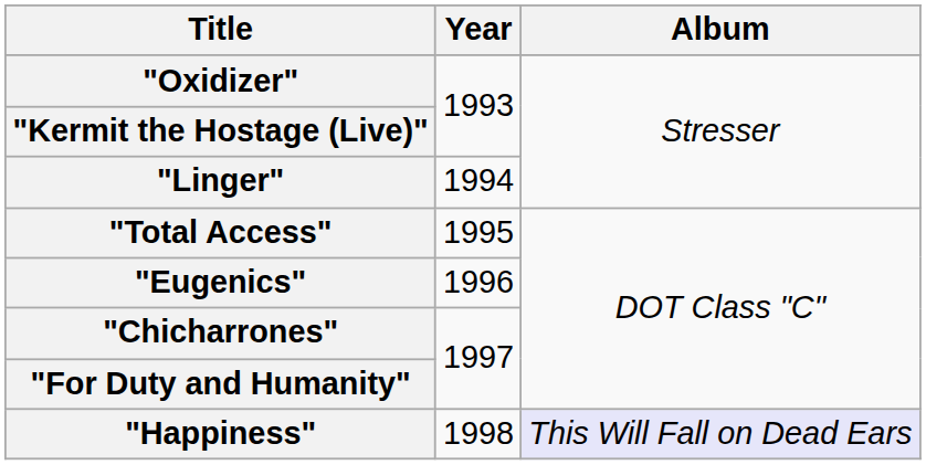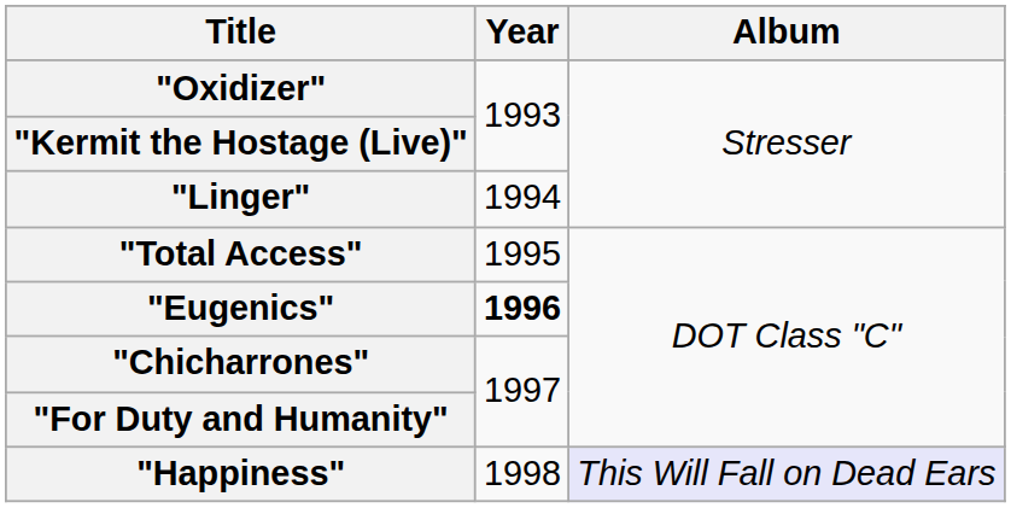 <table class="wikitable plainrowheaders" style="text-align:center;">
 <tr>
 <th scope="col">Title</th>
 <th scope="col" style="width:1em;">Year</th>
 <th scope="col">Album</th>
 </tr>
 <tr>
 <th scope="row">"Oxidizer"</th>
 <td rowspan="2">1993</td>
 <td rowspan="3"><em>Stresser</em></td>
 </tr>
 <tr>
 <th scope="row">"Kermit the Hostage (Live)"</th>
 </tr>
 <tr>
 <th scope="row">"Linger"</th>
 <td>1994</td>
 </tr>
 <tr>
 <th scope="row">"Total Access"</th>
 <td>1995</td>
 <td rowspan="4"><em>DOT Class "C"</em></td>
 </tr>
 <tr>
 <th scope="row">"Eugenics"</th>
-<td>1996</td>
+<td><strong>1996</strong></td>
 </tr>
 <tr>
 <th scope="row">"Chicharrones"</th>
 <td rowspan="2">1997</td>
 </tr>
 <tr>
 <th scope="row">"For Duty and Humanity"</th>
 </tr>
 <tr>
 <th scope="row">"Happiness"</th>
 <td>1998</td>
 <td style="background: lavender;"><em>This Will Fall on Dead Ears</em></td>
 </tr>
 </table>
